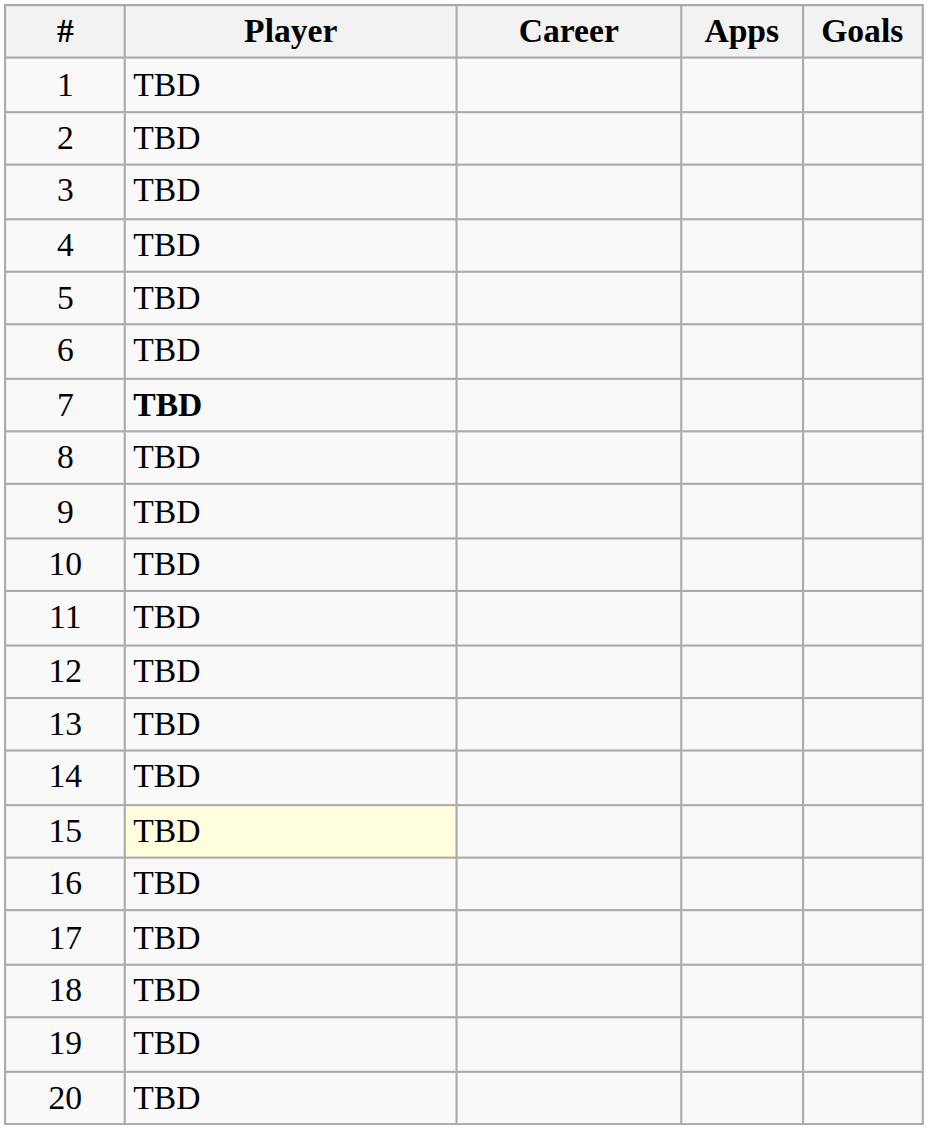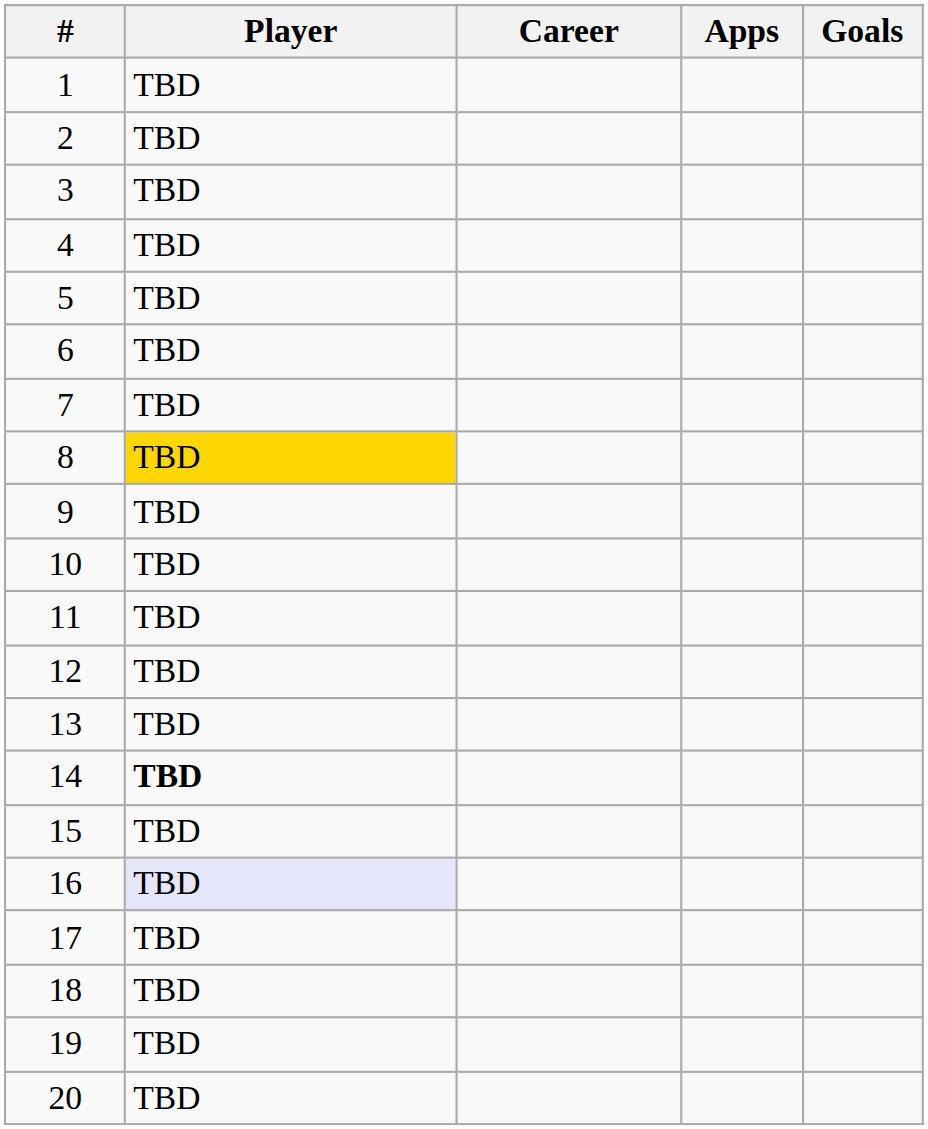 <table class="wikitable" style="text-align: center;">
 <tr>
 </tr>
 <tr>
 <th width=50px>#</th>
 <th width=150px>Player</th>
 <th width=100px>Career</th>
 <th width=50px>Apps</th>
 <th width=50px>Goals</th>
 </tr>
 <tr>
 <td>1</td>
 <td align=left> TBD</td>
 <td></td>
 <td></td>
 <td></td>
 </tr>
 <tr>
 <td>2</td>
 <td align=left> TBD</td>
 <td></td>
 <td></td>
 <td></td>
 </tr>
 <tr>
 <td>3</td>
 <td align=left> TBD</td>
 <td></td>
 <td></td>
 <td></td>
 </tr>
 <tr>
 <td>4</td>
 <td align=left> TBD</td>
 <td></td>
 <td></td>
 <td></td>
 </tr>
 <tr>
 <td>5</td>
 <td align=left> TBD</td>
 <td></td>
 <td></td>
 <td></td>
 </tr>
 <tr>
 <td>6</td>
 <td align=left> TBD</td>
 <td></td>
 <td></td>
 <td></td>
 </tr>
 <tr>
 <td>7</td>
-<td align=left><strong> TBD</strong></td>
+<td align=left> TBD</td>
 <td></td>
 <td></td>
 <td></td>
 </tr>
 <tr>
 <td>8</td>
-<td align=left> TBD</td>
+<td align=left style="background: gold;"> TBD</td>
 <td></td>
 <td></td>
 <td></td>
 </tr>
 <tr>
 <td>9</td>
 <td align=left> TBD</td>
 <td></td>
 <td></td>
 <td></td>
 </tr>
 <tr>
 <td>10</td>
 <td align=left> TBD</td>
 <td></td>
 <td></td>
 <td></td>
 </tr>
 <tr>
 <td>11</td>
 <td align=left> TBD</td>
 <td></td>
 <td></td>
 <td></td>
 </tr>
 <tr>
 <td>12</td>
 <td align=left> TBD</td>
 <td></td>
 <td></td>
 <td></td>
 </tr>
 <tr>
 <td>13</td>
 <td align=left> TBD</td>
 <td></td>
 <td></td>
 <td></td>
 </tr>
 <tr>
 <td>14</td>
+<td align=left><strong> TBD</strong></td>
+<td></td>
+<td></td>
+<td></td>
+</tr>
+<tr>
+<td>15</td>
 <td align=left> TBD</td>
 <td></td>
 <td></td>
 <td></td>
 </tr>
 <tr>
-<td>15</td>
-<td align=left style="background: lightyellow;"> TBD</td>
-<td></td>
-<td></td>
-<td></td>
-</tr>
-<tr>
 <td>16</td>
-<td align=left> TBD</td>
+<td align=left style="background: lavender;"> TBD</td>
 <td></td>
 <td></td>
 <td></td>
 </tr>
 <tr>
 <td>17</td>
 <td align=left> TBD</td>
 <td></td>
 <td></td>
 <td></td>
 </tr>
 <tr>
 <td>18</td>
 <td align=left> TBD</td>
 <td></td>
 <td></td>
 <td></td>
 </tr>
 <tr>
 <td>19</td>
 <td align=left> TBD</td>
 <td></td>
 <td></td>
 <td></td>
 </tr>
 <tr>
 <td>20</td>
 <td align=left> TBD</td>
 <td></td>
 <td></td>
 <td></td>
 </tr>
 <tr>
 </tr>
 </table>
